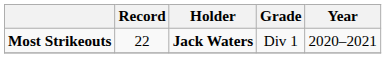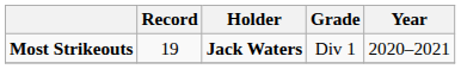 <table class="wikitable" style="text-align: center; mPERin: 0 auto;">
 <tr>
 <th></th>
 <th>Record</th>
 <th>Holder</th>
 <th>Grade</th>
 <th>Year</th>
 </tr>
 <tr>
 <td><strong>Most Strikeouts</strong></td>
-<td>22</td>
+<td>19</td>
 <td><strong>Jack Waters</strong></td>
 <td>Div 1</td>
 <td>2020–2021</td>
 </tr>
 <tr>
 </tr>
 </table>
